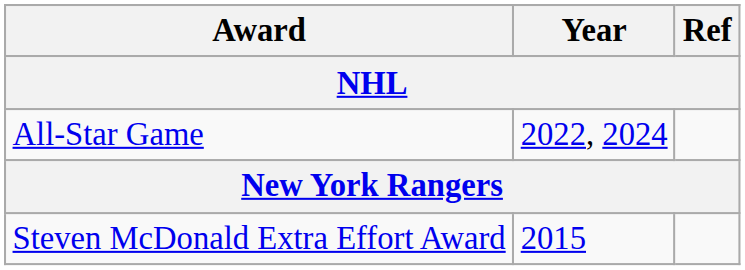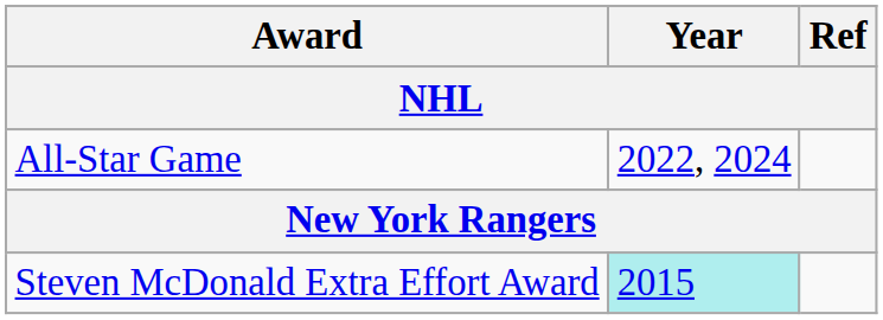 <table class="wikitable">
 <tr>
 <th>Award</th>
 <th>Year</th>
 <th>Ref</th>
 </tr>
 <tr>
 <th colspan="3"><a href='#'>NHL</a></th>
 </tr>
 <tr>
 <td><a href='#'>All-Star Game</a></td>
 <td><a href='#'>2022</a>, <a href='#'>2024</a></td>
 <td></td>
 </tr>
 <tr>
 <th colspan="3"><a href='#'>New York Rangers</a></th>
 </tr>
 <tr>
 <td><a href='#'>Steven McDonald Extra Effort Award</a></td>
-<td><a href='#'>2015</a></td>
+<td style="background: paleturquoise;"><a href='#'>2015</a></td>
 <td></td>
 </tr>
 </table>
